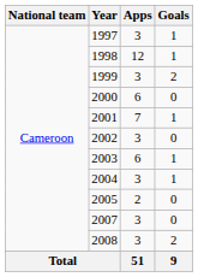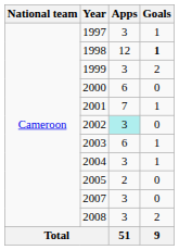 <table class="wikitable" style="text-align:center">
 <tr>
 <th>National team</th>
 <th>Year</th>
 <th>Apps</th>
 <th>Goals</th>
 </tr>
 <tr>
 <td rowspan="11"><a href='#'>Cameroon</a></td>
 <td>1997</td>
 <td>3</td>
 <td>1</td>
 </tr>
 <tr>
 <td>1998</td>
 <td>12</td>
-<td>1</td>
+<td><strong>1</strong></td>
 </tr>
 <tr>
 <td>1999</td>
 <td>3</td>
 <td>2</td>
 </tr>
 <tr>
 <td>2000</td>
 <td>6</td>
 <td>0</td>
 </tr>
 <tr>
 <td>2001</td>
 <td>7</td>
 <td>1</td>
 </tr>
 <tr>
 <td>2002</td>
-<td>3</td>
+<td style="background: paleturquoise;">3</td>
 <td>0</td>
 </tr>
 <tr>
 <td>2003</td>
 <td>6</td>
 <td>1</td>
 </tr>
 <tr>
 <td>2004</td>
 <td>3</td>
 <td>1</td>
 </tr>
 <tr>
 <td>2005</td>
 <td>2</td>
 <td>0</td>
 </tr>
 <tr>
 <td>2007</td>
 <td>3</td>
 <td>0</td>
 </tr>
 <tr>
 <td>2008</td>
 <td>3</td>
 <td>2</td>
 </tr>
 <tr>
 <th colspan="2">Total</th>
 <th>51</th>
 <th>9</th>
 </tr>
 </table>
